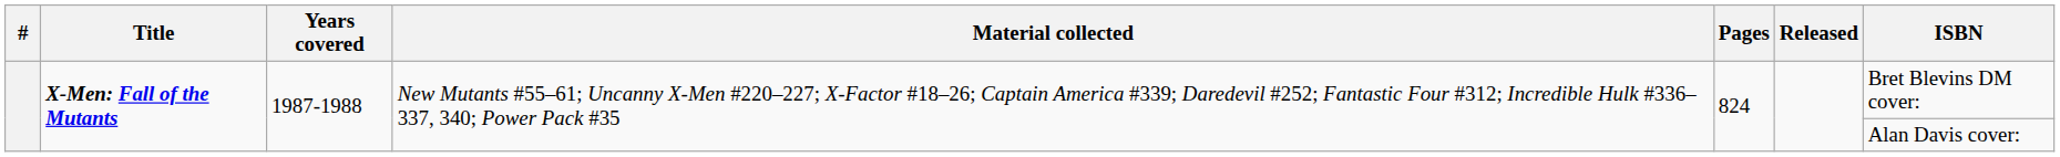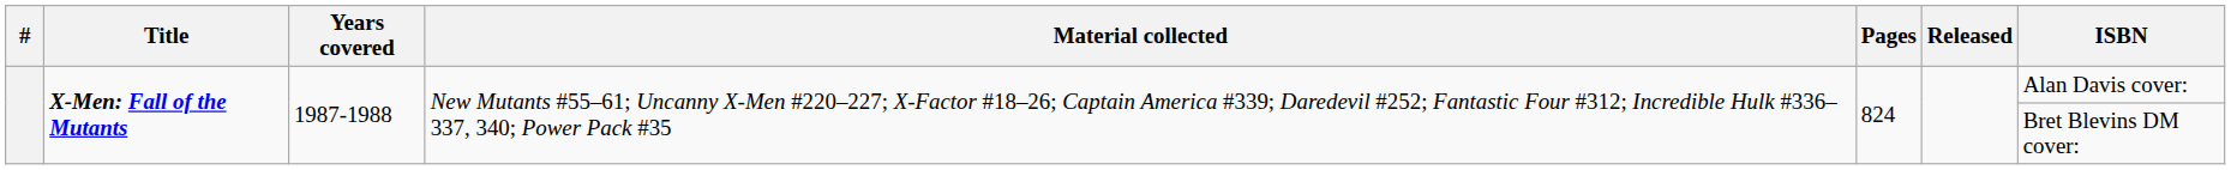 <table class="wikitable sortable" width="99%">
 <tr>
 <th class="unsortable" width="20px">#</th>
 <th>Title</th>
 <th>Years covered</th>
 <th class="unsortable">Material collected</th>
 <th>Pages</th>
 <th>Released</th>
 <th class="unsortable">ISBN</th>
 </tr>
 <tr>
 <th rowspan="2"></th>
 <td rowspan="2"><strong><em>X-Men: <a href='#'>Fall of the Mutants</a></em></strong></td>
 <td rowspan="2">1987-1988</td>
 <td rowspan="2"><em>New Mutants</em> #55–61; <em>Uncanny X-Men</em> #220–227; <em>X-Factor</em> #18–26; <em>Captain America</em> #339; <em>Daredevil</em> #252; <em>Fantastic Four</em> #312; <em>Incredible Hulk</em> #336–337, 340; <em>Power Pack</em> #35</td>
 <td rowspan="2">824</td>
 <td rowspan="2"></td>
+<td>Alan Davis cover: </td>
+</tr>
+<tr>
 <td>Bret Blevins DM cover: </td>
 </tr>
-<tr>
-<td>Alan Davis cover: </td>
-</tr>
 </table>
